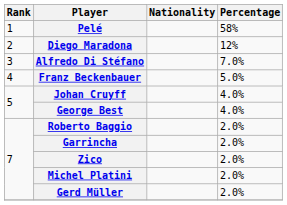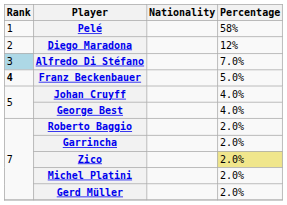 <table class="wikitable sortable">
 <tr>
 <th scope=col>Rank</th>
 <th scope=col>Player</th>
 <th scope=col>Nationality</th>
 <th scope=col>Percentage</th>
 </tr>
 <tr>
 <td>1</td>
 <th scope=row><a href='#'>Pelé</a></th>
 <td></td>
 <td>58%</td>
 </tr>
 <tr>
 <td>2</td>
 <th scope=row><a href='#'>Diego Maradona</a></th>
 <td></td>
 <td>12%</td>
 </tr>
 <tr>
-<td>3</td>
+<td style="background: lightblue;">3</td>
 <th scope=row><a href='#'>Alfredo Di Stéfano</a></th>
 <td><br></td>
 <td>7.0%</td>
 </tr>
 <tr>
-<td>4</td>
+<td><strong>4</strong></td>
 <th scope=row><a href='#'>Franz Beckenbauer</a></th>
 <td></td>
 <td>5.0%</td>
 </tr>
 <tr>
 <td rowspan=2>5</td>
 <th scope=row><a href='#'>Johan Cruyff</a></th>
 <td></td>
 <td>4.0%</td>
 </tr>
 <tr>
 <th scope=row><a href='#'>George Best</a></th>
 <td></td>
 <td>4.0%</td>
 </tr>
 <tr>
 <td rowspan=5>7</td>
 <th scope=row><a href='#'>Roberto Baggio</a></th>
 <td></td>
 <td>2.0%</td>
 </tr>
 <tr>
 <th scope=row><a href='#'>Garrincha</a></th>
 <td></td>
 <td>2.0%</td>
 </tr>
 <tr>
 <th scope=row><a href='#'>Zico</a></th>
 <td></td>
-<td>2.0%</td>
+<td style="background: khaki;">2.0%</td>
 </tr>
 <tr>
 <th scope=row><a href='#'>Michel Platini</a></th>
 <td></td>
 <td>2.0%</td>
 </tr>
 <tr>
 <th scope=row><a href='#'>Gerd Müller</a></th>
 <td></td>
 <td>2.0%</td>
 </tr>
 <tr>
 </tr>
 </table>
